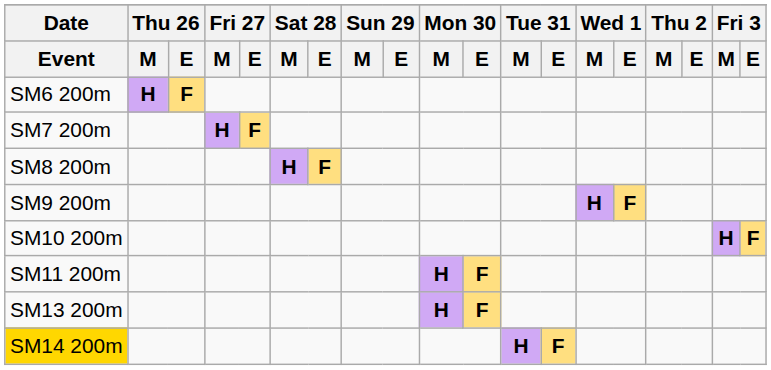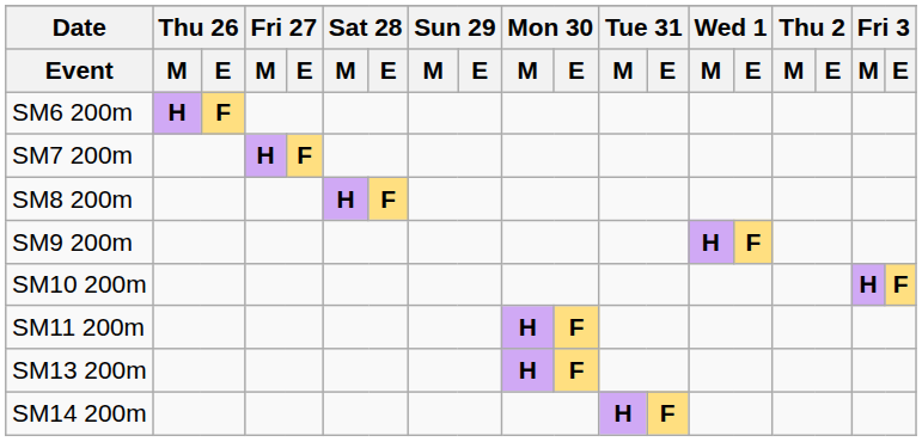 <table class="wikitable" style="margin:0.5em auto; font-size:90%; line-height:1.25em;">
 <tr align="center">
 </tr>
 <tr>
 <th>Date</th>
 <th colspan="2">Thu 26</th>
 <th colspan="2">Fri 27</th>
 <th colspan="2">Sat 28</th>
 <th colspan="2">Sun 29</th>
 <th colspan="2">Mon 30</th>
 <th colspan="2">Tue 31</th>
 <th colspan="2">Wed 1</th>
 <th colspan="2">Thu 2</th>
 <th colspan="2">Fri 3</th>
 </tr>
 <tr>
 <th>Event</th>
 <th>M</th>
 <th>E</th>
 <th>M</th>
 <th>E</th>
 <th>M</th>
 <th>E</th>
 <th>M</th>
 <th>E</th>
 <th>M</th>
 <th>E</th>
 <th>M</th>
 <th>E</th>
 <th>M</th>
 <th>E</th>
 <th>M</th>
 <th>E</th>
 <th>M</th>
 <th>E</th>
 </tr>
 <tr align="center">
 <td align="left">SM6 200m</td>
 <td bgcolor="#D0A9F5"><strong>H</strong></td>
 <td bgcolor="#FFDF80"><strong>F</strong></td>
 <td colspan="2"></td>
 <td colspan="2"></td>
 <td colspan="2"></td>
 <td colspan="2"></td>
 <td colspan="2"></td>
 <td colspan="2"></td>
 <td colspan="2"></td>
 <td colspan="2"></td>
 </tr>
 <tr align="center">
 <td align="left">SM7 200m</td>
 <td colspan="2"></td>
 <td bgcolor="#D0A9F5"><strong>H</strong></td>
 <td bgcolor="#FFDF80"><strong>F</strong></td>
 <td colspan="2"></td>
 <td colspan="2"></td>
 <td colspan="2"></td>
 <td colspan="2"></td>
 <td colspan="2"></td>
 <td colspan="2"></td>
 <td colspan="2"></td>
 </tr>
 <tr align="center">
 <td align="left">SM8 200m</td>
 <td colspan="2"></td>
 <td colspan="2"></td>
 <td bgcolor="#D0A9F5"><strong>H</strong></td>
 <td bgcolor="#FFDF80"><strong>F</strong></td>
 <td colspan="2"></td>
 <td colspan="2"></td>
 <td colspan="2"></td>
 <td colspan="2"></td>
 <td colspan="2"></td>
 <td colspan="2"></td>
 </tr>
 <tr align="center">
 <td align="left">SM9 200m</td>
 <td colspan="2"></td>
 <td colspan="2"></td>
 <td colspan="2"></td>
 <td colspan="2"></td>
 <td colspan="2"></td>
 <td colspan="2"></td>
 <td bgcolor="#D0A9F5"><strong>H</strong></td>
 <td bgcolor="#FFDF80"><strong>F</strong></td>
 <td colspan="2"></td>
 <td colspan="2"></td>
 </tr>
 <tr align="center">
 <td align="left">SM10 200m</td>
 <td colspan="2"></td>
 <td colspan="2"></td>
 <td colspan="2"></td>
 <td colspan="2"></td>
 <td colspan="2"></td>
 <td colspan="2"></td>
 <td colspan="2"></td>
 <td colspan="2"></td>
 <td bgcolor="#D0A9F5"><strong>H</strong></td>
 <td bgcolor="#FFDF80"><strong>F</strong></td>
 </tr>
 <tr align="center">
 <td align="left">SM11 200m</td>
 <td colspan="2"></td>
 <td colspan="2"></td>
 <td colspan="2"></td>
 <td colspan="2"></td>
 <td bgcolor="#D0A9F5"><strong>H</strong></td>
 <td bgcolor="#FFDF80"><strong>F</strong></td>
 <td colspan="2"></td>
 <td colspan="2"></td>
 <td colspan="2"></td>
 <td colspan="2"></td>
 </tr>
 <tr align="center">
 <td align="left">SM13 200m</td>
 <td colspan="2"></td>
 <td colspan="2"></td>
 <td colspan="2"></td>
 <td colspan="2"></td>
 <td bgcolor="#D0A9F5"><strong>H</strong></td>
 <td bgcolor="#FFDF80"><strong>F</strong></td>
 <td colspan="2"></td>
 <td colspan="2"></td>
 <td colspan="2"></td>
 <td colspan="2"></td>
 </tr>
 <tr align="center">
-<td align="left" style="background: gold;">SM14 200m</td>
+<td align="left">SM14 200m</td>
 <td colspan="2"></td>
 <td colspan="2"></td>
 <td colspan="2"></td>
 <td colspan="2"></td>
 <td colspan="2"></td>
 <td bgcolor="#D0A9F5"><strong>H</strong></td>
 <td bgcolor="#FFDF80"><strong>F</strong></td>
 <td colspan="2"></td>
 <td colspan="2"></td>
 <td colspan="2"></td>
 </tr>
 </table>
